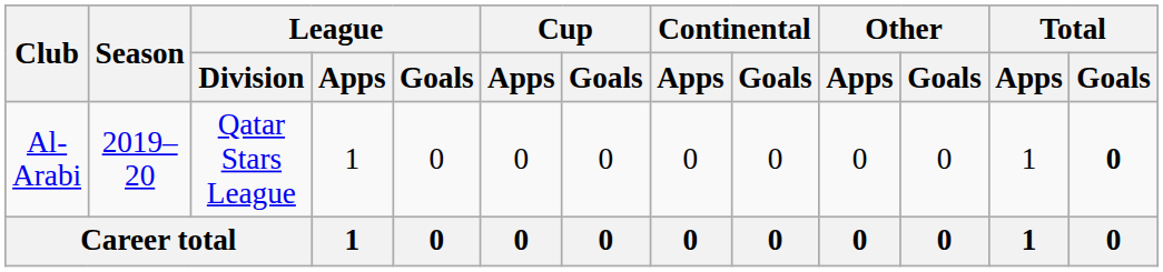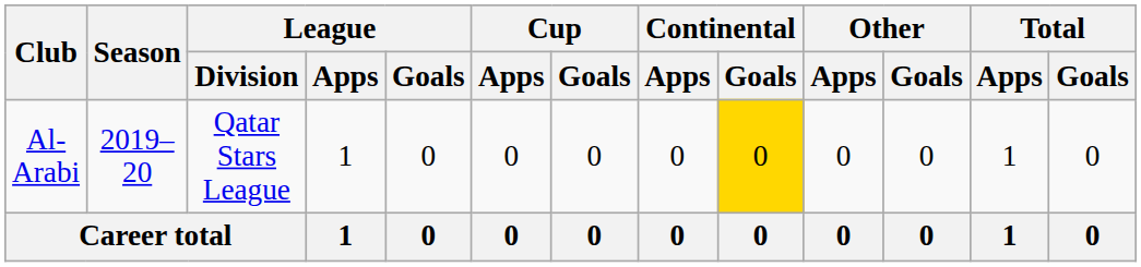 <table class="wikitable" style="text-align: center">
 <tr>
 <th rowspan="2">Club</th>
 <th rowspan="2">Season</th>
 <th colspan="3">League</th>
 <th colspan="2">Cup</th>
 <th colspan="2">Continental</th>
 <th colspan="2">Other</th>
 <th colspan="2">Total</th>
 </tr>
 <tr>
 <th>Division</th>
 <th>Apps</th>
 <th>Goals</th>
 <th>Apps</th>
 <th>Goals</th>
 <th>Apps</th>
 <th>Goals</th>
 <th>Apps</th>
 <th>Goals</th>
 <th>Apps</th>
 <th>Goals</th>
 </tr>
 <tr>
 <td><a href='#'>Al-Arabi</a></td>
 <td><a href='#'>2019–20</a></td>
 <td><a href='#'>Qatar Stars League</a></td>
 <td>1</td>
 <td>0</td>
 <td>0</td>
 <td>0</td>
 <td>0</td>
-<td>0</td>
+<td style="background: gold;">0</td>
 <td>0</td>
 <td>0</td>
 <td>1</td>
-<td><strong>0</strong></td>
+<td>0</td>
 </tr>
 <tr>
 <th colspan=3>Career total</th>
 <th>1</th>
 <th>0</th>
 <th>0</th>
 <th>0</th>
 <th>0</th>
 <th>0</th>
 <th>0</th>
 <th>0</th>
 <th>1</th>
 <th>0</th>
 </tr>
 </table>
